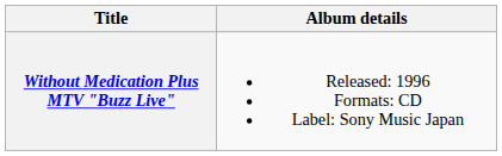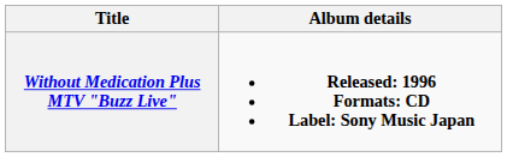 <table class="wikitable plainrowheaders" style="text-align:center;">
 <tr>
 <th scope="col" style="width:12em;">Title</th>
 <th scope="col" style="width:16em;">Album details</th>
 </tr>
 <tr>
 <th scope="row"><em><a href='#'>Without Medication Plus MTV "Buzz Live"</a></em></th>
-<td><br><ul><li>Released: 1996</li><li>Formats: CD</li><li>Label: Sony Music Japan</li></ul></td>
+<td><strong><br><ul><li>Released: 1996</li><li>Formats: CD</li><li>Label: Sony Music Japan</li></ul></strong></td>
 </tr>
 </table>
